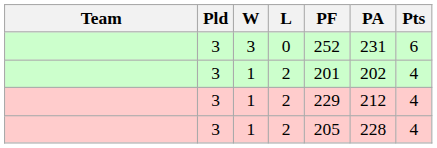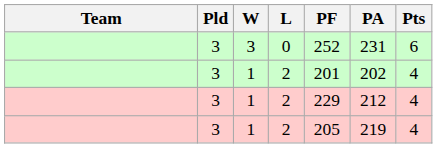 <table class="wikitable" style="text-align:center;">
 <tr>
 <th width=170>Team</th>
 <th width=25>Pld</th>
 <th width=25>W</th>
 <th width=25>L</th>
 <th width=35>PF</th>
 <th width=35>PA</th>
 <th width=25>Pts</th>
 </tr>
 <tr bgcolor=#ccffcc>
 <td align="left"></td>
 <td>3</td>
 <td>3</td>
 <td>0</td>
 <td>252</td>
 <td>231</td>
 <td>6</td>
 </tr>
 <tr bgcolor=#ccffcc>
 <td align="left"></td>
 <td>3</td>
 <td>1</td>
 <td>2</td>
 <td>201</td>
 <td>202</td>
 <td>4</td>
 </tr>
 <tr bgcolor=#ffcccc>
 <td align="left"></td>
 <td>3</td>
 <td>1</td>
 <td>2</td>
 <td>229</td>
 <td>212</td>
 <td>4</td>
 </tr>
 <tr bgcolor=#ffcccc>
 <td align="left"></td>
 <td>3</td>
 <td>1</td>
 <td>2</td>
 <td>205</td>
-<td>228</td>
+<td>219</td>
 <td>4</td>
 </tr>
 </table>
